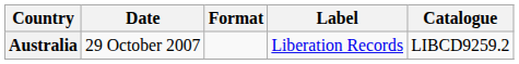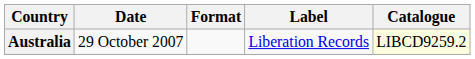 <table class="wikitable plainrowheaders">
 <tr>
 <th scope="col">Country</th>
 <th scope="col">Date</th>
 <th scope="col">Format</th>
 <th scope="col">Label</th>
 <th scope="col">Catalogue</th>
 </tr>
 <tr>
 <th scope="row">Australia</th>
 <td>29 October 2007</td>
 <td></td>
 <td><a href='#'>Liberation Records</a></td>
-<td>LIBCD9259.2</td>
+<td style="background: lightyellow;">LIBCD9259.2</td>
 </tr>
 <tr>
 </tr>
 </table>
